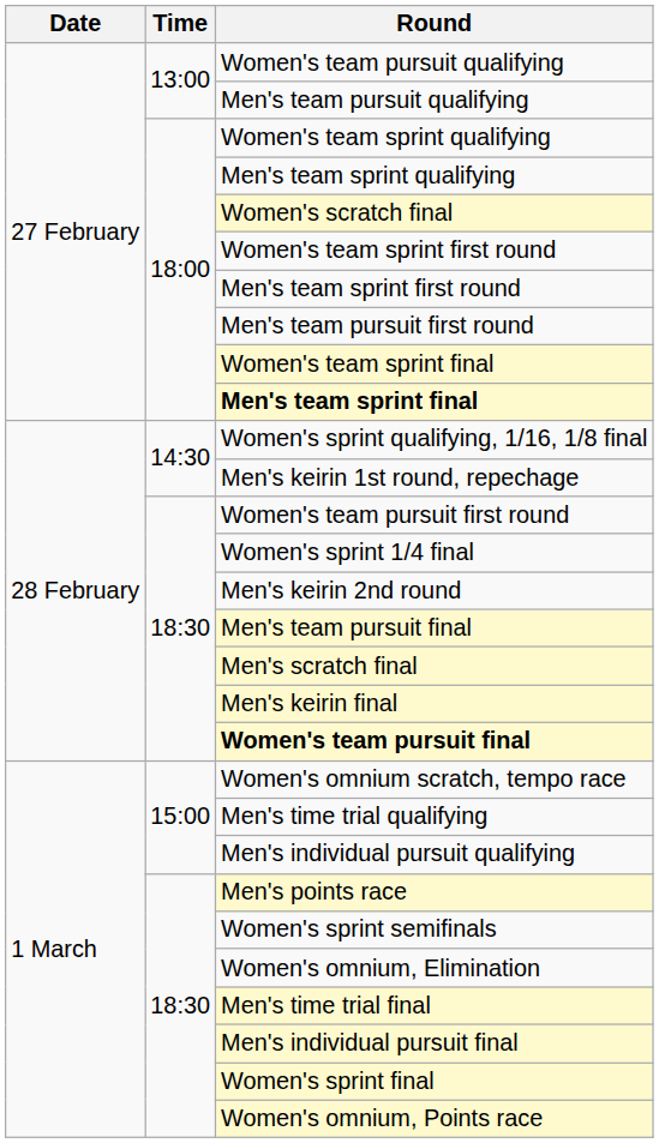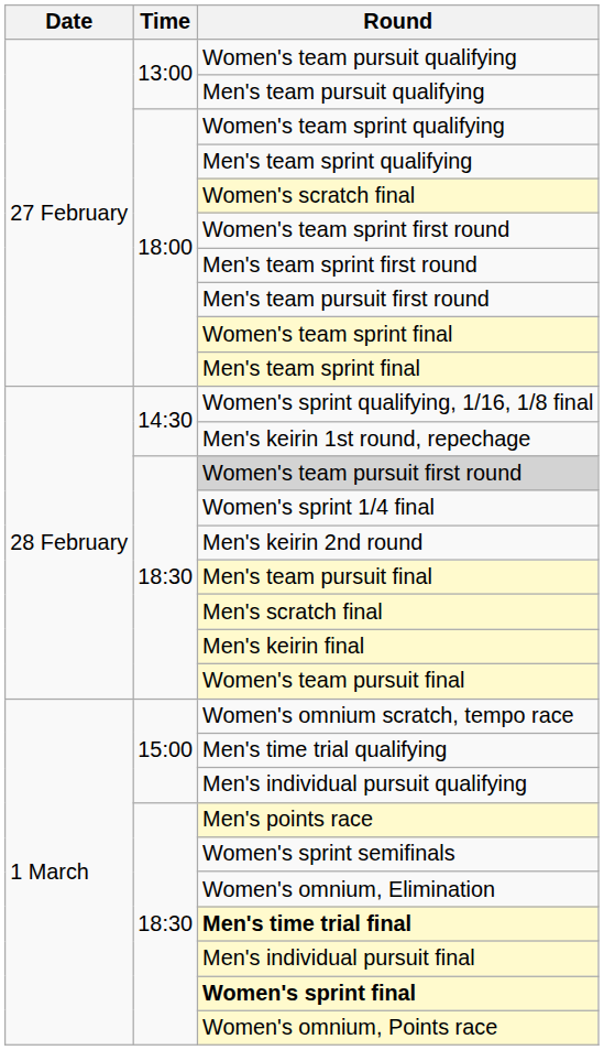 <table class="wikitable">
 <tr>
 <th>Date</th>
 <th>Time</th>
 <th>Round</th>
 </tr>
 <tr>
 <td rowspan=10>27 February</td>
 <td rowspan=2>13:00</td>
 <td>Women's team pursuit qualifying</td>
 </tr>
 <tr>
 <td>Men's team pursuit qualifying</td>
 </tr>
 <tr>
 <td rowspan=8>18:00</td>
 <td>Women's team sprint qualifying</td>
 </tr>
 <tr>
 <td>Men's team sprint qualifying</td>
 </tr>
 <tr>
 <td style="background:lemonchiffon">Women's scratch final</td>
 </tr>
 <tr>
 <td>Women's team sprint first round</td>
 </tr>
 <tr>
 <td>Men's team sprint first round</td>
 </tr>
 <tr>
 <td>Men's team pursuit first round</td>
 </tr>
 <tr>
 <td style="background:lemonchiffon">Women's team sprint final</td>
 </tr>
 <tr>
-<td style="background:lemonchiffon"><strong>Men's team sprint final</strong></td>
+<td style="background:lemonchiffon">Men's team sprint final</td>
 </tr>
 <tr>
 <td rowspan=9>28 February</td>
 <td rowspan=2>14:30</td>
 <td>Women's sprint qualifying, 1/16, 1/8 final</td>
 </tr>
 <tr>
 <td>Men's keirin 1st round, repechage</td>
 </tr>
 <tr>
 <td rowspan=7>18:30</td>
-<td>Women's team pursuit first round</td>
+<td style="background: lightgrey;">Women's team pursuit first round</td>
 </tr>
 <tr>
 <td>Women's sprint 1/4 final</td>
 </tr>
 <tr>
 <td>Men's keirin 2nd round</td>
 </tr>
 <tr>
 <td style="background:lemonchiffon">Men's team pursuit final</td>
 </tr>
 <tr>
 <td style="background:lemonchiffon">Men's scratch final</td>
 </tr>
 <tr>
 <td style="background:lemonchiffon">Men's keirin final</td>
 </tr>
 <tr>
-<td style="background:lemonchiffon"><strong>Women's team pursuit final</strong></td>
+<td style="background:lemonchiffon">Women's team pursuit final</td>
 </tr>
 <tr>
 <td rowspan=10>1 March</td>
 <td rowspan=3>15:00</td>
 <td>Women's omnium scratch, tempo race</td>
 </tr>
 <tr>
 <td>Men's time trial qualifying</td>
 </tr>
 <tr>
 <td>Men's individual pursuit qualifying</td>
 </tr>
 <tr>
 <td rowspan=7>18:30</td>
 <td style="background:lemonchiffon">Men's points race</td>
 </tr>
 <tr>
 <td>Women's sprint semifinals</td>
 </tr>
 <tr>
 <td>Women's omnium, Elimination</td>
 </tr>
 <tr>
-<td style="background:lemonchiffon">Men's time trial final</td>
+<td style="background:lemonchiffon"><strong>Men's time trial final</strong></td>
 </tr>
 <tr>
 <td style="background:lemonchiffon">Men's individual pursuit final</td>
 </tr>
 <tr>
-<td style="background:lemonchiffon">Women's sprint final</td>
+<td style="background:lemonchiffon"><strong>Women's sprint final</strong></td>
 </tr>
 <tr>
 <td style="background:lemonchiffon">Women's omnium, Points race</td>
 </tr>
 </table>
